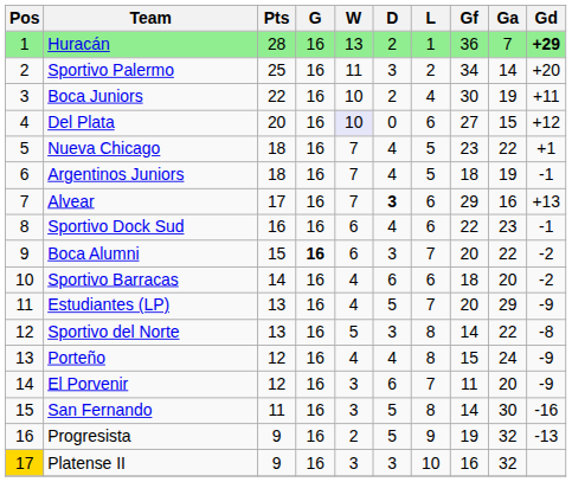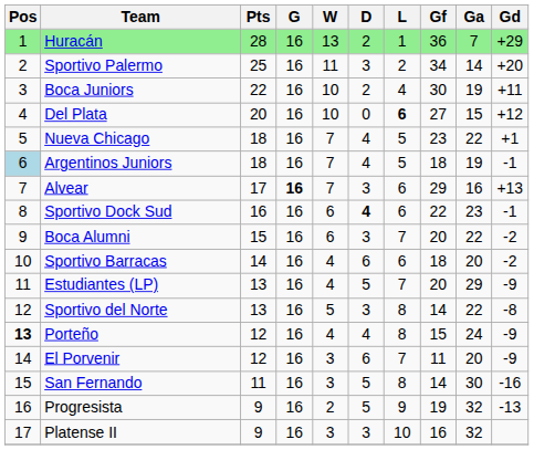 <table class="wikitable" style="text-align:center">
 <tr>
 <th width=30px>Pos</th>
 <th width=200px>Team</th>
 <th width=30px>Pts</th>
 <th width=30px>G</th>
 <th width=30px>W</th>
 <th width=30px>D</th>
 <th width=30px>L</th>
 <th width=30px>Gf</th>
 <th width=30px>Ga</th>
 <th width=30px>Gd</th>
 </tr>
 <tr bgcolor="lightgreen">
 <td>1</td>
 <td align="left"><a href='#'>Huracán</a></td>
 <td>28</td>
 <td>16</td>
 <td>13</td>
 <td>2</td>
 <td>1</td>
 <td>36</td>
 <td>7</td>
-<td><strong>+29</strong></td>
+<td>+29</td>
 </tr>
 <tr>
 <td>2</td>
 <td align="left"><a href='#'>Sportivo Palermo</a></td>
 <td>25</td>
 <td>16</td>
 <td>11</td>
 <td>3</td>
 <td>2</td>
 <td>34</td>
 <td>14</td>
 <td>+20</td>
 </tr>
 <tr>
 <td>3</td>
 <td align="left"><a href='#'>Boca Juniors</a></td>
 <td>22</td>
 <td>16</td>
 <td>10</td>
 <td>2</td>
 <td>4</td>
 <td>30</td>
 <td>19</td>
 <td>+11</td>
 </tr>
 <tr>
 <td>4</td>
 <td align="left"><a href='#'>Del Plata</a></td>
 <td>20</td>
 <td>16</td>
-<td style="background: lavender;">10</td>
+<td>10</td>
 <td>0</td>
-<td>6</td>
+<td><strong>6</strong></td>
 <td>27</td>
 <td>15</td>
 <td>+12</td>
 </tr>
 <tr>
 <td>5</td>
 <td align="left"><a href='#'>Nueva Chicago</a></td>
 <td>18</td>
 <td>16</td>
 <td>7</td>
 <td>4</td>
 <td>5</td>
 <td>23</td>
 <td>22</td>
 <td>+1</td>
 </tr>
 <tr>
-<td>6</td>
+<td style="background: lightblue;">6</td>
 <td align="left"><a href='#'>Argentinos Juniors</a></td>
 <td>18</td>
 <td>16</td>
 <td>7</td>
 <td>4</td>
 <td>5</td>
 <td>18</td>
 <td>19</td>
 <td>-1</td>
 </tr>
 <tr>
 <td>7</td>
 <td align="left"><a href='#'>Alvear</a></td>
 <td>17</td>
-<td>16</td>
+<td><strong>16</strong></td>
 <td>7</td>
-<td><strong>3</strong></td>
+<td>3</td>
 <td>6</td>
 <td>29</td>
 <td>16</td>
 <td>+13</td>
 </tr>
 <tr>
 <td>8</td>
 <td align="left"><a href='#'>Sportivo Dock Sud</a></td>
 <td>16</td>
 <td>16</td>
 <td>6</td>
-<td>4</td>
+<td><strong>4</strong></td>
 <td>6</td>
 <td>22</td>
 <td>23</td>
 <td>-1</td>
 </tr>
 <tr>
 <td>9</td>
 <td align="left"><a href='#'>Boca Alumni</a></td>
 <td>15</td>
-<td><strong>16</strong></td>
+<td>16</td>
 <td>6</td>
 <td>3</td>
 <td>7</td>
 <td>20</td>
 <td>22</td>
 <td>-2</td>
 </tr>
 <tr>
 <td>10</td>
 <td align="left"><a href='#'>Sportivo Barracas</a></td>
 <td>14</td>
 <td>16</td>
 <td>4</td>
 <td>6</td>
 <td>6</td>
 <td>18</td>
 <td>20</td>
 <td>-2</td>
 </tr>
 <tr>
 <td>11</td>
 <td align="left"><a href='#'>Estudiantes (LP)</a></td>
 <td>13</td>
 <td>16</td>
 <td>4</td>
 <td>5</td>
 <td>7</td>
 <td>20</td>
 <td>29</td>
 <td>-9</td>
 </tr>
 <tr>
 <td>12</td>
 <td align="left"><a href='#'>Sportivo del Norte</a></td>
 <td>13</td>
 <td>16</td>
 <td>5</td>
 <td>3</td>
 <td>8</td>
 <td>14</td>
 <td>22</td>
 <td>-8</td>
 </tr>
 <tr>
-<td>13</td>
+<td><strong>13</strong></td>
 <td align="left"><a href='#'>Porteño</a></td>
 <td>12</td>
 <td>16</td>
 <td>4</td>
 <td>4</td>
 <td>8</td>
 <td>15</td>
 <td>24</td>
 <td>-9</td>
 </tr>
 <tr>
 <td>14</td>
 <td align="left"><a href='#'>El Porvenir</a></td>
 <td>12</td>
 <td>16</td>
 <td>3</td>
 <td>6</td>
 <td>7</td>
 <td>11</td>
 <td>20</td>
 <td>-9</td>
 </tr>
 <tr>
 <td>15</td>
 <td align="left"><a href='#'>San Fernando</a></td>
 <td>11</td>
 <td>16</td>
 <td>3</td>
 <td>5</td>
 <td>8</td>
 <td>14</td>
 <td>30</td>
 <td>-16</td>
 </tr>
 <tr>
 <td>16</td>
 <td align="left">Progresista</td>
 <td>9</td>
 <td>16</td>
 <td>2</td>
 <td>5</td>
 <td>9</td>
 <td>19</td>
 <td>32</td>
 <td>-13</td>
 </tr>
 <tr>
-<td style="background: gold;">17</td>
+<td>17</td>
 <td align="left">Platense II </td>
 <td>9</td>
 <td>16</td>
 <td>3</td>
 <td>3</td>
 <td>10</td>
 <td>16</td>
 <td>32</td>
 <td></td>
 </tr>
 <tr>
 </tr>
 </table>
